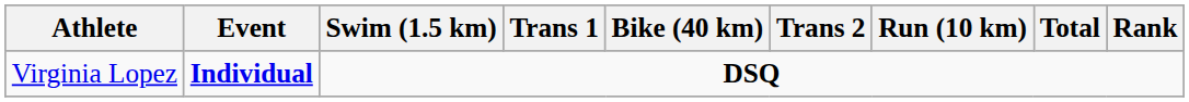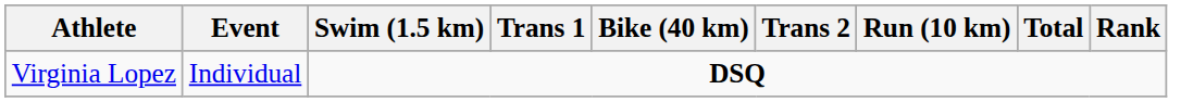 <table class="wikitable" style="font-size:90%">
 <tr>
 <th>Athlete</th>
 <th>Event</th>
 <th>Swim (1.5 km)</th>
 <th>Trans 1</th>
 <th>Bike (40 km)</th>
 <th>Trans 2</th>
 <th>Run (10 km)</th>
 <th>Total</th>
 <th>Rank</th>
 </tr>
 <tr>
 <td><a href='#'>Virginia Lopez</a></td>
-<td><strong><a href='#'>Individual</a></strong></td>
+<td><a href='#'>Individual</a></td>
 <td align=center colspan="10"><strong>DSQ</strong></td>
 </tr>
 </table>
